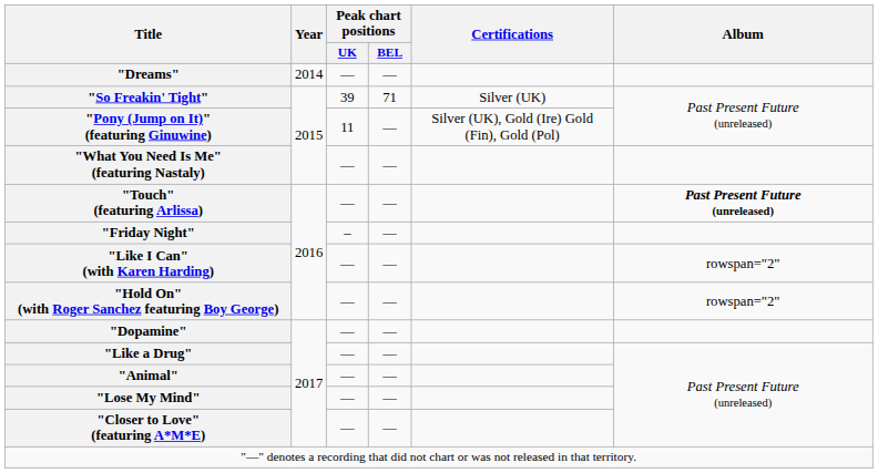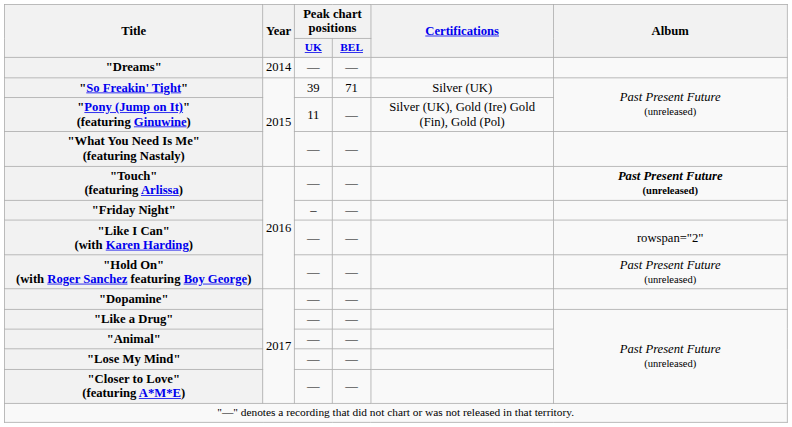 <table class="wikitable plainrowheaders" style="text-align:center;" border="1">
 <tr>
 <th scope="col" rowspan="2" style="width:20em;">Title</th>
 <th scope="col" rowspan="2" style="width:1em;">Year</th>
 <th scope="col" colspan="2">Peak chart positions</th>
 <th scope="col" rowspan="2" style="width:14em;"><a href='#'>Certifications</a></th>
 <th scope="col" rowspan="2" style="width:18em;">Album</th>
 </tr>
 <tr>
 <th scope="col" style="width:2.9em;font-size:90%;"><a href='#'>UK</a><br></th>
 <th scope="col" style="width:2.9em;font-size:90%;"><a href='#'>BEL</a><br></th>
 </tr>
 <tr>
 <th scope="row">"Dreams"</th>
 <td>2014</td>
 <td>—</td>
 <td>—</td>
 <td></td>
 <td></td>
 </tr>
 <tr>
 <th scope="row">"<a href='#'>So Freakin' Tight</a>"</th>
 <td rowspan="3">2015</td>
 <td>39</td>
 <td>71</td>
 <td>Silver (UK)</td>
 <td rowspan="2"><em>Past Present Future</em><br><small>(unreleased)</small></td>
 </tr>
 <tr>
 <th scope="row">"<a href='#'>Pony (Jump on It)</a>"<br><span>(featuring <a href='#'>Ginuwine</a>)</span></th>
 <td>11</td>
 <td>—</td>
 <td>Silver (UK), Gold (Ire) Gold (Fin), Gold (Pol)</td>
 </tr>
 <tr>
 <th scope="row">"What You Need Is Me"<br><span>(featuring Nastaly)</span></th>
 <td>—</td>
 <td>—</td>
 <td></td>
 <td></td>
 </tr>
 <tr>
 <th scope="row">"Touch"<br><span>(featuring <a href='#'>Arlissa</a>)</span></th>
 <td rowspan="4">2016</td>
 <td>—</td>
 <td>—</td>
 <td></td>
 <td><strong><em>Past Present Future</em><br><small>(unreleased)</small></strong></td>
 </tr>
 <tr>
 <th scope="row">"Friday Night"</th>
 <td>–</td>
 <td>—</td>
 <td></td>
 <td></td>
 </tr>
 <tr>
 <th scope="row">"Like I Can"<br><span>(with <a href='#'>Karen Harding</a>)</span></th>
 <td>—</td>
 <td>—</td>
 <td></td>
 <td>rowspan="2" </td>
 </tr>
 <tr>
 <th scope="row">"Hold On"<br><span>(with <a href='#'>Roger Sanchez</a> featuring <a href='#'>Boy George</a>)</span></th>
 <td>—</td>
 <td>—</td>
 <td></td>
-<td>rowspan="2" </td>
+<td><em>Past Present Future</em><br><small>(unreleased)</small></td>
 </tr>
 <tr>
 <th scope="row">"Dopamine"</th>
 <td rowspan="5">2017</td>
 <td>—</td>
 <td>—</td>
 <td></td>
 </tr>
 <tr>
 <th scope="row">"Like a Drug"</th>
 <td>—</td>
 <td>—</td>
 <td></td>
 <td rowspan="4"><em>Past Present Future</em><br><small>(unreleased)</small></td>
 </tr>
 <tr>
 <th scope="row">"Animal"</th>
 <td>—</td>
 <td>—</td>
 <td></td>
 </tr>
 <tr>
 <th scope="row">"Lose My Mind"</th>
 <td>—</td>
 <td>—</td>
 <td></td>
 </tr>
 <tr>
 <th scope="row">"Closer to Love"<br><span>(featuring <a href='#'>A*M*E</a>)</span></th>
 <td>—</td>
 <td>—</td>
 <td></td>
 </tr>
 <tr>
 <td colspan="6" style="font-size:90%">"—" denotes a recording that did not chart or was not released in that territory.</td>
 </tr>
 </table>
